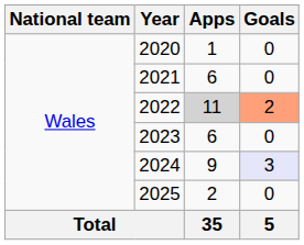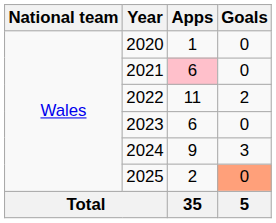 <table class="wikitable" style="text-align: center;">
 <tr>
 <th>National team</th>
 <th>Year</th>
 <th>Apps</th>
 <th>Goals</th>
 </tr>
 <tr>
 <td rowspan="6"><a href='#'>Wales</a></td>
 <td>2020</td>
 <td>1</td>
 <td>0</td>
 </tr>
 <tr>
 <td>2021</td>
-<td>6</td>
+<td style="background: pink;">6</td>
 <td>0</td>
 </tr>
 <tr>
 <td>2022</td>
-<td style="background: lightgrey;">11</td>
-<td style="background: lightsalmon;">2</td>
+<td>11</td>
+<td>2</td>
 </tr>
 <tr>
 <td>2023</td>
 <td>6</td>
 <td>0</td>
 </tr>
 <tr>
 <td>2024</td>
 <td>9</td>
-<td style="background: lavender;">3</td>
+<td>3</td>
 </tr>
 <tr>
 <td>2025</td>
 <td>2</td>
-<td>0</td>
+<td style="background: lightsalmon;">0</td>
 </tr>
 <tr>
 <th colspan="2">Total</th>
 <th>35</th>
 <th>5</th>
 </tr>
 </table>
